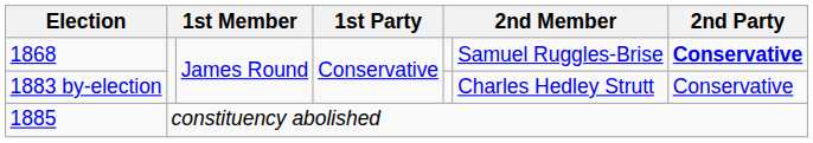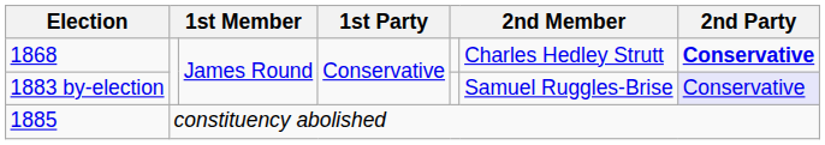 <table class="wikitable">
 <tr>
 <th>Election</th>
 <th colspan="2">1st Member</th>
 <th>1st Party</th>
 <th colspan="2">2nd Member</th>
 <th>2nd Party</th>
 </tr>
 <tr>
 <td><a href='#'>1868</a></td>
 <td rowspan="2" style="color:inherit;background-color: "></td>
 <td rowspan="2"><a href='#'>James Round</a></td>
 <td rowspan="2"><a href='#'>Conservative</a></td>
 <td style="color:inherit;background-color: "></td>
-<td><a href='#'>Samuel Ruggles-Brise</a></td>
+<td><a href='#'>Charles Hedley Strutt</a></td>
 <td><strong><a href='#'>Conservative</a></strong></td>
 </tr>
 <tr>
 <td><a href='#'>1883 by-election</a></td>
 <td style="color:inherit;background-color: "></td>
-<td><a href='#'>Charles Hedley Strutt</a></td>
-<td><a href='#'>Conservative</a></td>
+<td><a href='#'>Samuel Ruggles-Brise</a></td>
+<td style="background: lavender;"><a href='#'>Conservative</a></td>
 </tr>
 <tr>
 <td><a href='#'>1885</a></td>
 <td colspan="6"><em>constituency abolished</em></td>
 </tr>
 </table>
